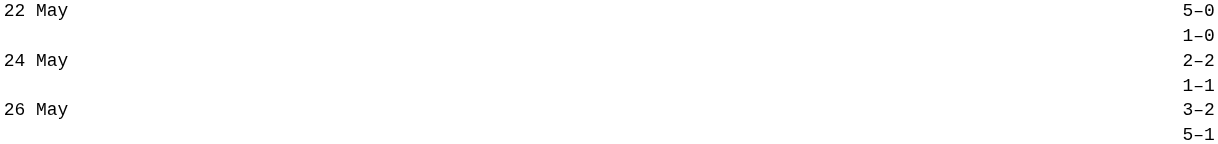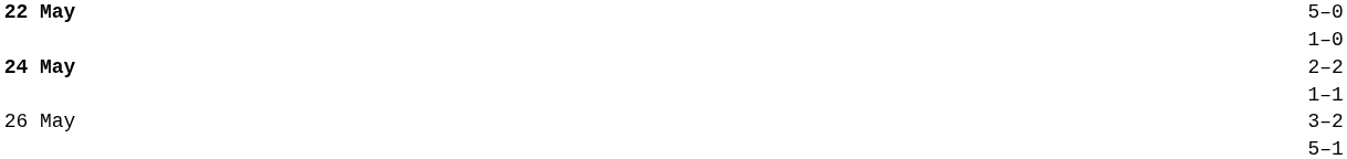 <table cellspacing=1 width=70%>
 <tr>
 <th width=25%></th>
 <th width=30%></th>
 <th width=15%></th>
 <th width=30%></th>
 </tr>
 <tr>
-<td>22 May</td>
+<td><strong>22 May</strong></td>
 <td align=right></td>
 <td align=center>5–0</td>
 <td></td>
 </tr>
 <tr>
 <td></td>
 <td align=right></td>
 <td align=center>1–0</td>
 <td></td>
 </tr>
 <tr>
-<td>24 May</td>
+<td><strong>24 May</strong></td>
 <td align=right></td>
 <td align=center>2–2</td>
 <td></td>
 </tr>
 <tr>
 <td></td>
 <td align=right></td>
 <td align=center>1–1</td>
 <td></td>
 </tr>
 <tr>
 <td>26 May</td>
 <td align=right></td>
 <td align=center>3–2</td>
 <td></td>
 </tr>
 <tr>
 <td></td>
 <td align=right></td>
 <td align=center>5–1</td>
 <td></td>
 </tr>
 </table>
